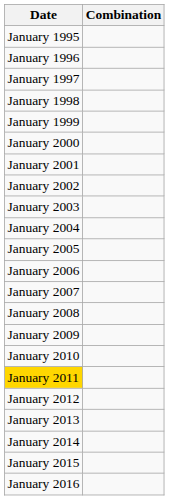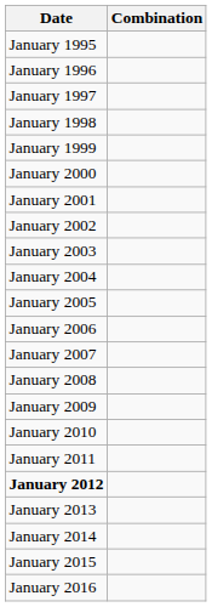 <table class = "wikitable sortable">
 <tr>
 <th>Date</th>
 <th>Combination</th>
 </tr>
 <tr>
 <td>January 1995</td>
 <td></td>
 </tr>
 <tr>
 <td>January 1996</td>
 <td></td>
 </tr>
 <tr>
 <td>January 1997</td>
 <td></td>
 </tr>
 <tr>
 <td>January 1998</td>
 <td></td>
 </tr>
 <tr>
 <td>January 1999</td>
 <td></td>
 </tr>
 <tr>
 <td>January 2000</td>
 <td></td>
 </tr>
 <tr>
 <td>January 2001</td>
 <td></td>
 </tr>
 <tr>
 <td>January 2002</td>
 <td></td>
 </tr>
 <tr>
 <td>January 2003</td>
 <td></td>
 </tr>
 <tr>
 <td>January 2004</td>
 <td></td>
 </tr>
 <tr>
 <td>January 2005</td>
 <td></td>
 </tr>
 <tr>
 <td>January 2006</td>
 <td></td>
 </tr>
 <tr>
 <td>January 2007</td>
 <td></td>
 </tr>
 <tr>
 <td>January 2008</td>
 <td></td>
 </tr>
 <tr>
 <td>January 2009</td>
 <td></td>
 </tr>
 <tr>
 <td>January 2010</td>
 <td></td>
 </tr>
 <tr>
-<td style="background: gold;">January 2011</td>
+<td>January 2011</td>
 <td></td>
 </tr>
 <tr>
-<td>January 2012</td>
+<td><strong>January 2012</strong></td>
 <td></td>
 </tr>
 <tr>
 <td>January 2013</td>
 <td></td>
 </tr>
 <tr>
 <td>January 2014</td>
 <td></td>
 </tr>
 <tr>
 <td>January 2015</td>
 <td></td>
 </tr>
 <tr>
 <td>January 2016</td>
 <td></td>
 </tr>
 </table>
